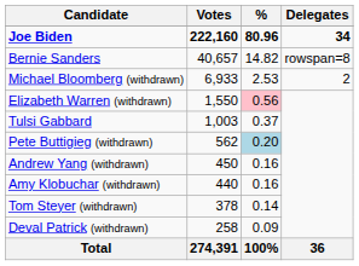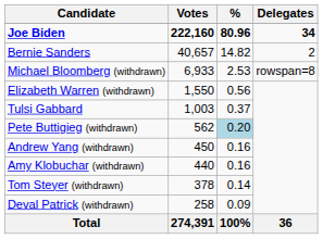 <table class="wikitable sortable" style="text-align:right;">
 <tr>
 <th>Candidate</th>
 <th>Votes</th>
 <th>%</th>
 <th>Delegates</th>
 </tr>
 <tr>
 </tr>
 <tr>
 <td style="text-align:left;" data-sort-value="Biden, Joe"><strong><a href='#'>Joe Biden</a></strong></td>
 <td><strong>222,160</strong></td>
 <td><strong>80.96</strong></td>
 <td><strong>34</strong></td>
 </tr>
 <tr>
 <td style="text-align:left;" data-sort-value="Sanders, Bernie"><a href='#'>Bernie Sanders</a></td>
 <td>40,657</td>
 <td>14.82</td>
-<td>rowspan=8 </td>
+<td>2</td>
 </tr>
 <tr>
 <td style="text-align:left;" data-sort-value="Bloomberg, Michael"><a href='#'>Michael Bloomberg</a> <small>(withdrawn)</small></td>
 <td>6,933</td>
 <td>2.53</td>
-<td>2</td>
+<td>rowspan=8 </td>
 </tr>
 <tr>
 <td style="text-align:left;" data-sort-value="Warren, Elizabeth"><a href='#'>Elizabeth Warren</a> <small>(withdrawn)</small></td>
 <td>1,550</td>
-<td style="background: pink;">0.56</td>
+<td>0.56</td>
 </tr>
 <tr>
 <td style="text-align:left;" data-sort-value="Gabbard, Tulsi"><a href='#'>Tulsi Gabbard</a></td>
 <td>1,003</td>
 <td>0.37</td>
 </tr>
 <tr>
 <td style="text-align:left;" data-sort-value="Buttigieg, Pete"><a href='#'>Pete Buttigieg</a> <small>(withdrawn)</small></td>
 <td>562</td>
 <td style="background: lightblue;">0.20</td>
 </tr>
 <tr>
 <td style="text-align:left;" data-sort-value="Yang, Andrew"><a href='#'>Andrew Yang</a> <small>(withdrawn)</small></td>
 <td>450</td>
 <td>0.16</td>
 </tr>
 <tr>
 <td style="text-align:left;" data-sort-value="Klobuchar, Amy"><a href='#'>Amy Klobuchar</a> <small>(withdrawn)</small></td>
 <td>440</td>
 <td>0.16</td>
 </tr>
 <tr>
 <td style="text-align:left;" data-sort-value="Steyer, Tom"><a href='#'>Tom Steyer</a> <small>(withdrawn)</small></td>
 <td>378</td>
 <td>0.14</td>
 </tr>
 <tr>
 <td style="text-align:left;" data-sort-value="Patrick, Deval"><a href='#'>Deval Patrick</a> <small>(withdrawn)</small></td>
 <td>258</td>
 <td>0.09</td>
 </tr>
 <tr>
 <th>Total</th>
 <th>274,391</th>
 <th>100%</th>
 <th>36</th>
 </tr>
 </table>
